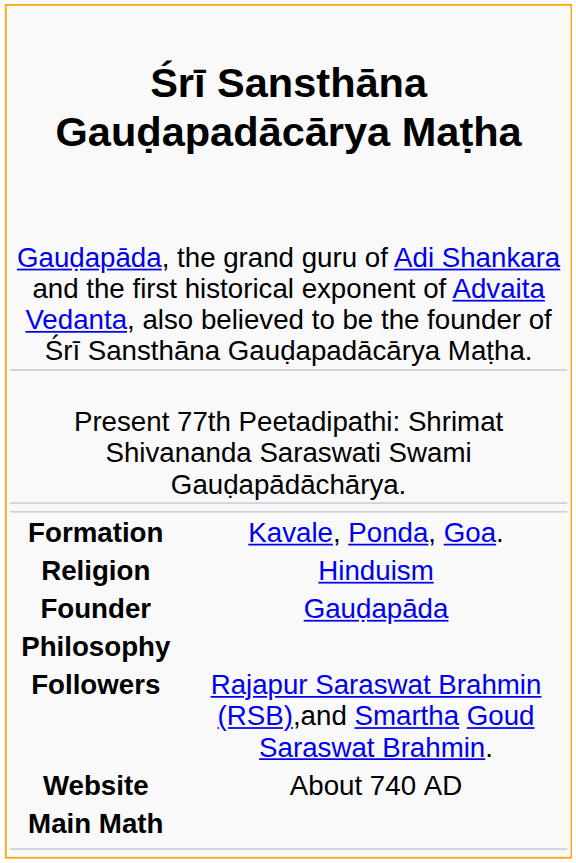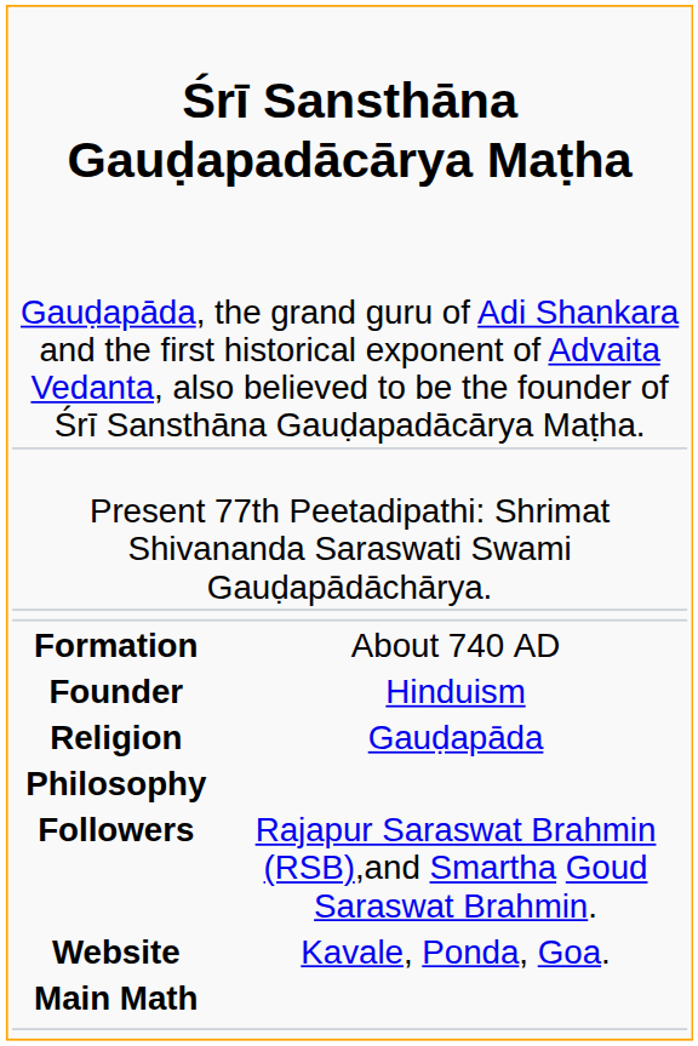 <table class="infobox" style="width:20.5em; text-align:center; margin-left:1em; margin-bottom:1em; padding:0em 0em 0em 0em; border:1px solid Orange">
 <tr>
 <td colspan="2" style="text-align:center; font-size: 150%;"><strong><br>Śrī Sansthāna Gauḍapadācārya Maṭha<br></strong><br></td>
 </tr>
 <tr>
 <td colspan="2" align="center" style="border-bottom: solid 1px #ccd2d9;"><br><a href='#'>Gauḍapāda</a>, the grand guru of <a href='#'>Adi Shankara</a> and the first historical exponent of <a href='#'>Advaita Vedanta</a>, also believed to be the founder of Śrī Sansthāna Gauḍapadācārya Maṭha.</td>
 </tr>
 <tr>
 <td colspan="2" align="center" style="border-bottom: solid 1px #ccd2d9;"><br>Present 77th Peetadipathi: Shrimat Shivananda Saraswati Swami Gauḍapādāchārya.</td>
 </tr>
 <tr>
 <td colspan="2" style="border-bottom: solid 1px #ccd2d9;"></td>
 </tr>
 <tr>
 <th>Formation</th>
-<td><a href='#'>Kavale</a>, <a href='#'>Ponda</a>, <a href='#'>Goa</a>.</td>
+<td>About 740 AD</td>
+</tr>
+<tr>
+<th>Founder</th>
+<td><a href='#'>Hinduism</a></td>
 </tr>
 <tr>
 <th>Religion</th>
-<td><a href='#'>Hinduism</a></td>
-</tr>
-<tr>
-<th>Founder</th>
 <td><a href='#'>Gauḍapāda</a></td>
 </tr>
 <tr>
 <th>Philosophy</th>
 <td></td>
 </tr>
 <tr>
 <th>Followers</th>
 <td><a href='#'>Rajapur Saraswat Brahmin (RSB)</a>,and <a href='#'>Smartha</a> <a href='#'>Goud Saraswat Brahmin</a>.</td>
 </tr>
 <tr>
 <th>Website</th>
-<td>About 740 AD</td>
+<td><a href='#'>Kavale</a>, <a href='#'>Ponda</a>, <a href='#'>Goa</a>.</td>
 </tr>
 <tr>
 <th>Main Math</th>
 <td></td>
 </tr>
 <tr>
 <td colspan="2" style="border-bottom: solid 1px #ccd2d9;"></td>
 </tr>
 <tr>
 </tr>
 </table>
